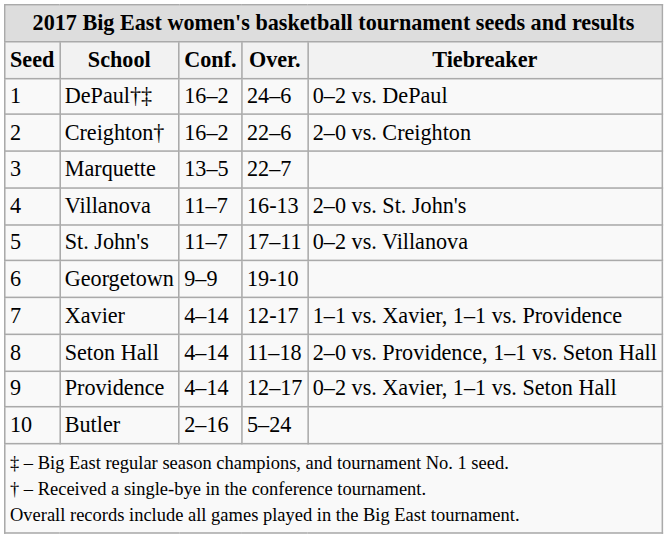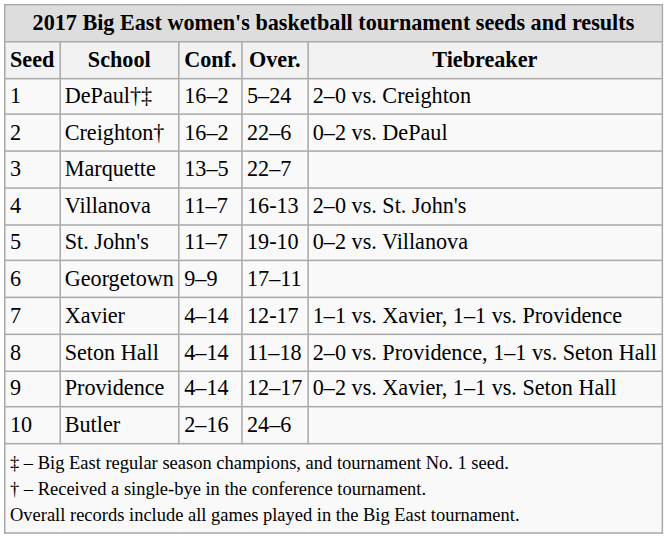 <table class="wikitable" style="white-space:nowrap; font-size:90%;">
 <tr>
 <td colspan="10" style="text-align:center; background:#DDDDDD; font:#000000"><strong>2017 Big East women's basketball tournament seeds and results</strong></td>
 </tr>
 <tr bgcolor="#efefef">
 <th>Seed</th>
 <th>School</th>
 <th>Conf.</th>
 <th>Over.</th>
 <th>Tiebreaker</th>
 </tr>
 <tr>
 <td>1</td>
 <td>DePaul†‡</td>
 <td>16–2</td>
-<td>24–6</td>
-<td>0–2 vs. DePaul</td>
+<td>5–24</td>
+<td>2–0 vs. Creighton</td>
 </tr>
 <tr>
 <td>2</td>
 <td>Creighton†</td>
 <td>16–2</td>
 <td>22–6</td>
-<td>2–0 vs. Creighton</td>
+<td>0–2 vs. DePaul</td>
 </tr>
 <tr>
 <td>3</td>
 <td>Marquette</td>
 <td>13–5</td>
 <td>22–7</td>
 <td></td>
 </tr>
 <tr>
 <td>4</td>
 <td>Villanova</td>
 <td>11–7</td>
 <td>16-13</td>
 <td>2–0 vs. St. John's</td>
 </tr>
 <tr>
 <td>5</td>
 <td>St. John's</td>
 <td>11–7</td>
-<td>17–11</td>
+<td>19-10</td>
 <td>0–2 vs. Villanova</td>
 </tr>
 <tr>
 <td>6</td>
 <td>Georgetown</td>
 <td>9–9</td>
-<td>19-10</td>
+<td>17–11</td>
 <td></td>
 </tr>
 <tr>
 <td>7</td>
 <td>Xavier</td>
 <td>4–14</td>
 <td>12-17</td>
 <td>1–1 vs. Xavier, 1–1 vs. Providence</td>
 </tr>
 <tr>
 <td>8</td>
 <td>Seton Hall</td>
 <td>4–14</td>
 <td>11–18</td>
 <td>2–0 vs. Providence, 1–1 vs. Seton Hall</td>
 </tr>
 <tr>
 <td>9</td>
 <td>Providence</td>
 <td>4–14</td>
 <td>12–17</td>
 <td>0–2 vs. Xavier, 1–1 vs. Seton Hall</td>
 </tr>
 <tr>
 <td>10</td>
 <td>Butler</td>
 <td>2–16</td>
-<td>5–24</td>
+<td>24–6</td>
 <td></td>
 </tr>
 <tr>
 <td colspan="10" style="text-align:left;"><small>‡ – Big East regular season champions, and tournament No. 1 seed.<br>† – Received a single-bye in the conference tournament.<br>Overall records include all games played in the Big East tournament.</small></td>
 </tr>
 </table>
